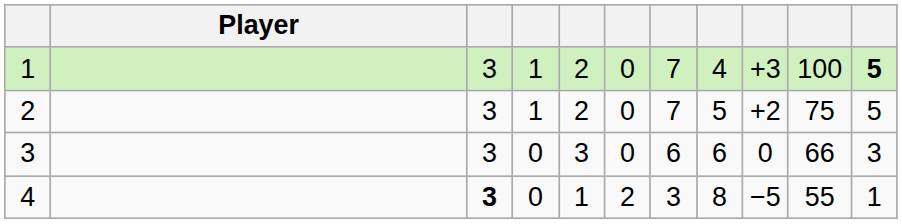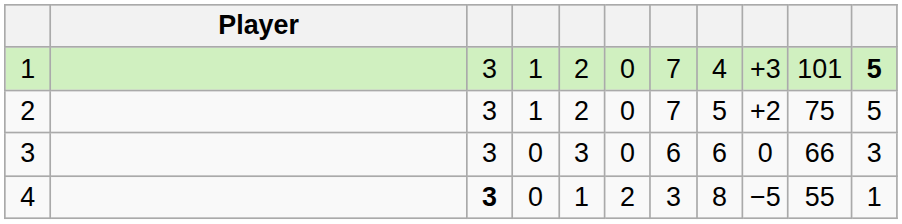 <table class="wikitable" style="text-align:center; margin: 1em auto 1em auto, align:left">
 <tr>
 <th width=20></th>
 <th width=240>Player</th>
 <th width=20></th>
 <th width=20></th>
 <th width=20></th>
 <th width=20></th>
 <th width=20></th>
 <th width=20></th>
 <th width=20></th>
 <th width=30></th>
 <th width=20></th>
 </tr>
 <tr style="background:#D0F0C0;">
 <td>1</td>
 <td align=left></td>
 <td>3</td>
 <td>1</td>
 <td>2</td>
 <td>0</td>
 <td>7</td>
 <td>4</td>
 <td>+3</td>
-<td>100</td>
+<td>101</td>
 <td><strong>5</strong></td>
 </tr>
 <tr style=>
 <td>2</td>
 <td align=left></td>
 <td>3</td>
 <td>1</td>
 <td>2</td>
 <td>0</td>
 <td>7</td>
 <td>5</td>
 <td>+2</td>
 <td>75</td>
 <td>5</td>
 </tr>
 <tr style=>
 <td>3</td>
 <td align=left></td>
 <td>3</td>
 <td>0</td>
 <td>3</td>
 <td>0</td>
 <td>6</td>
 <td>6</td>
 <td>0</td>
 <td>66</td>
 <td>3</td>
 </tr>
 <tr style=>
 <td>4</td>
 <td align=left></td>
 <td><strong>3</strong></td>
 <td>0</td>
 <td>1</td>
 <td>2</td>
 <td>3</td>
 <td>8</td>
 <td>−5</td>
 <td>55</td>
 <td>1</td>
 </tr>
 </table>
